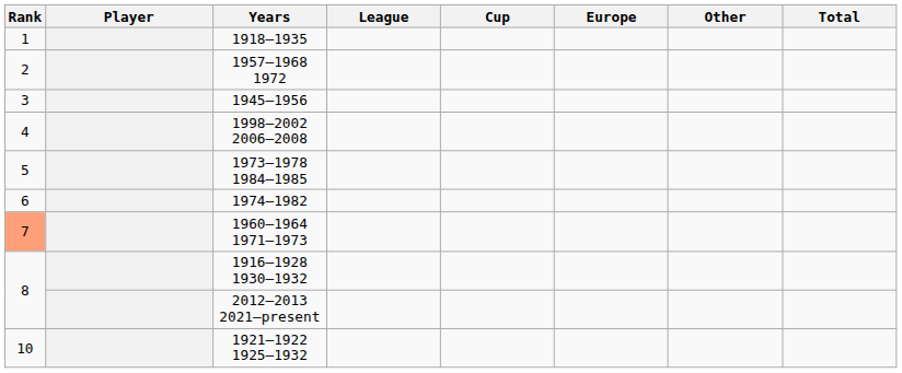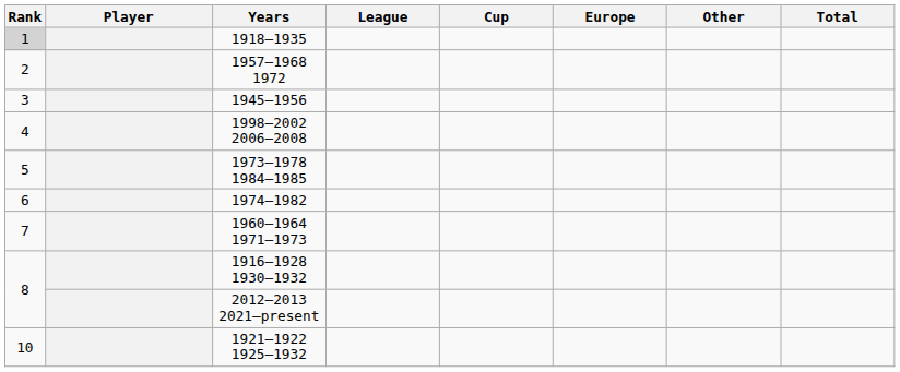 <table class="wikitable plainrowheaders sortable" style="text-align: center;">
 <tr>
 <th scope=col>Rank</th>
 <th scope=col width="150px">Player</th>
 <th scope=col width="100px">Years</th>
 <th scope=col width="100px">League</th>
 <th scope=col width="100px">Cup</th>
 <th scope=col width="100px">Europe</th>
 <th scope=col width="100px">Other</th>
 <th scope=col width="100px">Total</th>
 </tr>
 <tr>
-<td>1</td>
+<td style="background: lightgrey;">1</td>
 <th scope=row> </th>
 <td>1918–1935</td>
 <td></td>
 <td></td>
 <td></td>
 <td></td>
 <td></td>
 </tr>
 <tr>
 <td>2</td>
 <th scope=row> </th>
 <td>1957–1968<br>1972</td>
 <td></td>
 <td></td>
 <td></td>
 <td></td>
 <td></td>
 </tr>
 <tr>
 <td>3</td>
 <th scope=row> </th>
 <td>1945–1956</td>
 <td></td>
 <td></td>
 <td></td>
 <td></td>
 <td></td>
 </tr>
 <tr>
 <td>4</td>
 <th scope=row> </th>
 <td>1998–2002<br>2006–2008</td>
 <td></td>
 <td></td>
 <td></td>
 <td></td>
 <td></td>
 </tr>
 <tr>
 <td>5</td>
 <th scope=row> </th>
 <td>1973–1978<br>1984–1985</td>
 <td></td>
 <td></td>
 <td></td>
 <td></td>
 <td></td>
 </tr>
 <tr>
 <td>6</td>
 <th scope=row> </th>
 <td>1974–1982</td>
 <td></td>
 <td></td>
 <td></td>
 <td></td>
 <td></td>
 </tr>
 <tr>
-<td style="background: lightsalmon;">7</td>
+<td>7</td>
 <th scope=row> </th>
 <td>1960–1964<br>1971–1973</td>
 <td></td>
 <td></td>
 <td></td>
 <td></td>
 <td></td>
 </tr>
 <tr>
 <td rowspan=2>8</td>
 <th scope=row> </th>
 <td>1916–1928<br>1930–1932</td>
 <td></td>
 <td></td>
 <td></td>
 <td></td>
 <td></td>
 </tr>
 <tr>
 <th scope=row> <strong></strong></th>
 <td>2012–2013<br>2021–present</td>
 <td></td>
 <td></td>
 <td></td>
 <td></td>
 <td></td>
 </tr>
 <tr>
 <td>10</td>
 <th scope=row> </th>
 <td>1921–1922<br>1925–1932</td>
 <td></td>
 <td></td>
 <td></td>
 <td></td>
 <td></td>
 </tr>
 </table>
